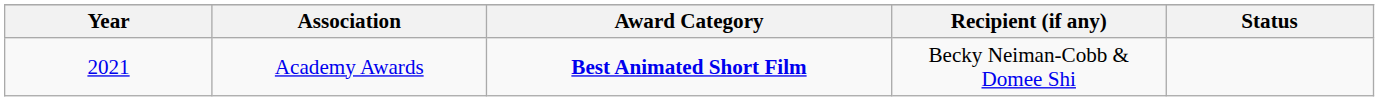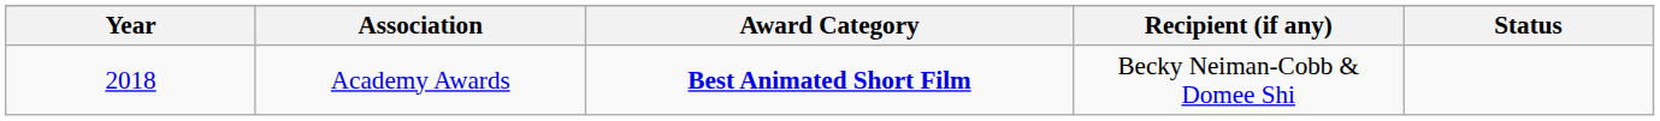 <table class="wikitable sortable" style="text-align: center">
 <tr>
 </tr>
 <tr>
 <th width="150"><strong>Year</strong></th>
 <th width="200"><strong>Association</strong></th>
 <th width="300"><strong>Award Category</strong></th>
 <th width="200"><strong>Recipient (if any)</strong></th>
 <th width="150"><strong>Status</strong></th>
 </tr>
 <tr>
-<td><a href='#'>2021</a></td>
+<td><a href='#'>2018</a></td>
 <td><a href='#'>Academy Awards</a></td>
 <td><strong><a href='#'>Best Animated Short Film</a></strong></td>
 <td>Becky Neiman-Cobb & <a href='#'>Domee Shi</a></td>
 <td></td>
 </tr>
 </table>
